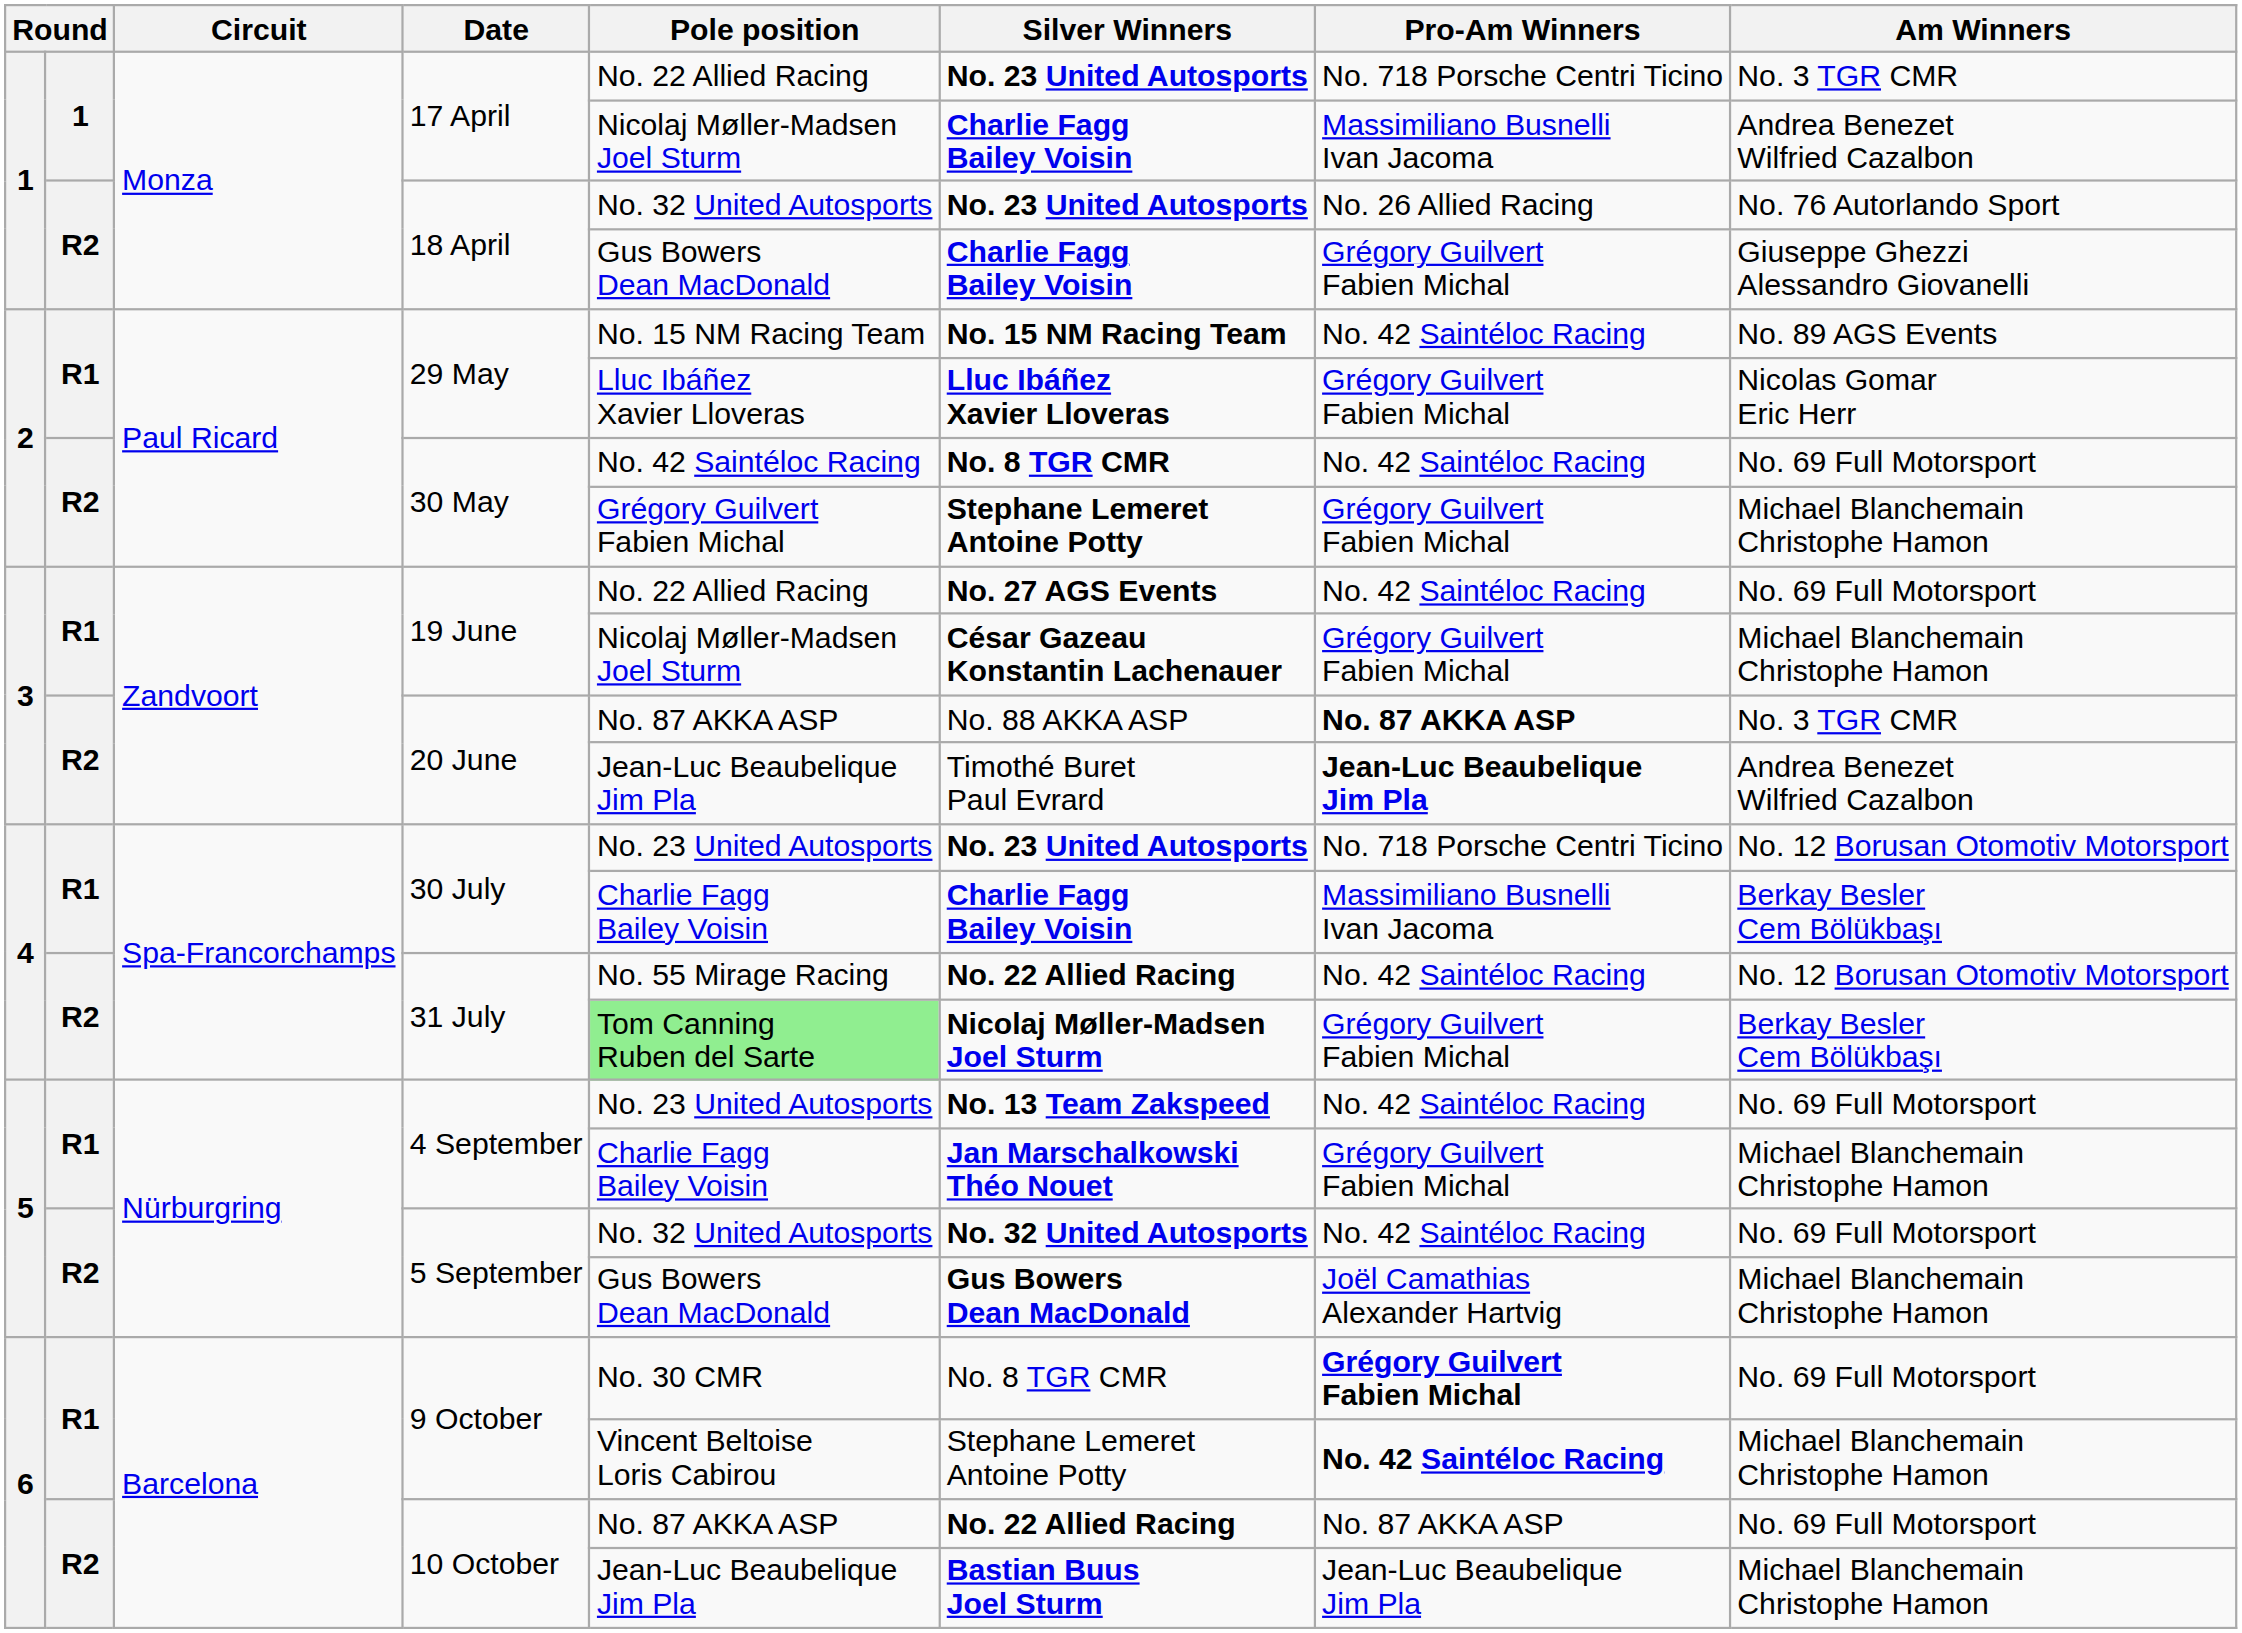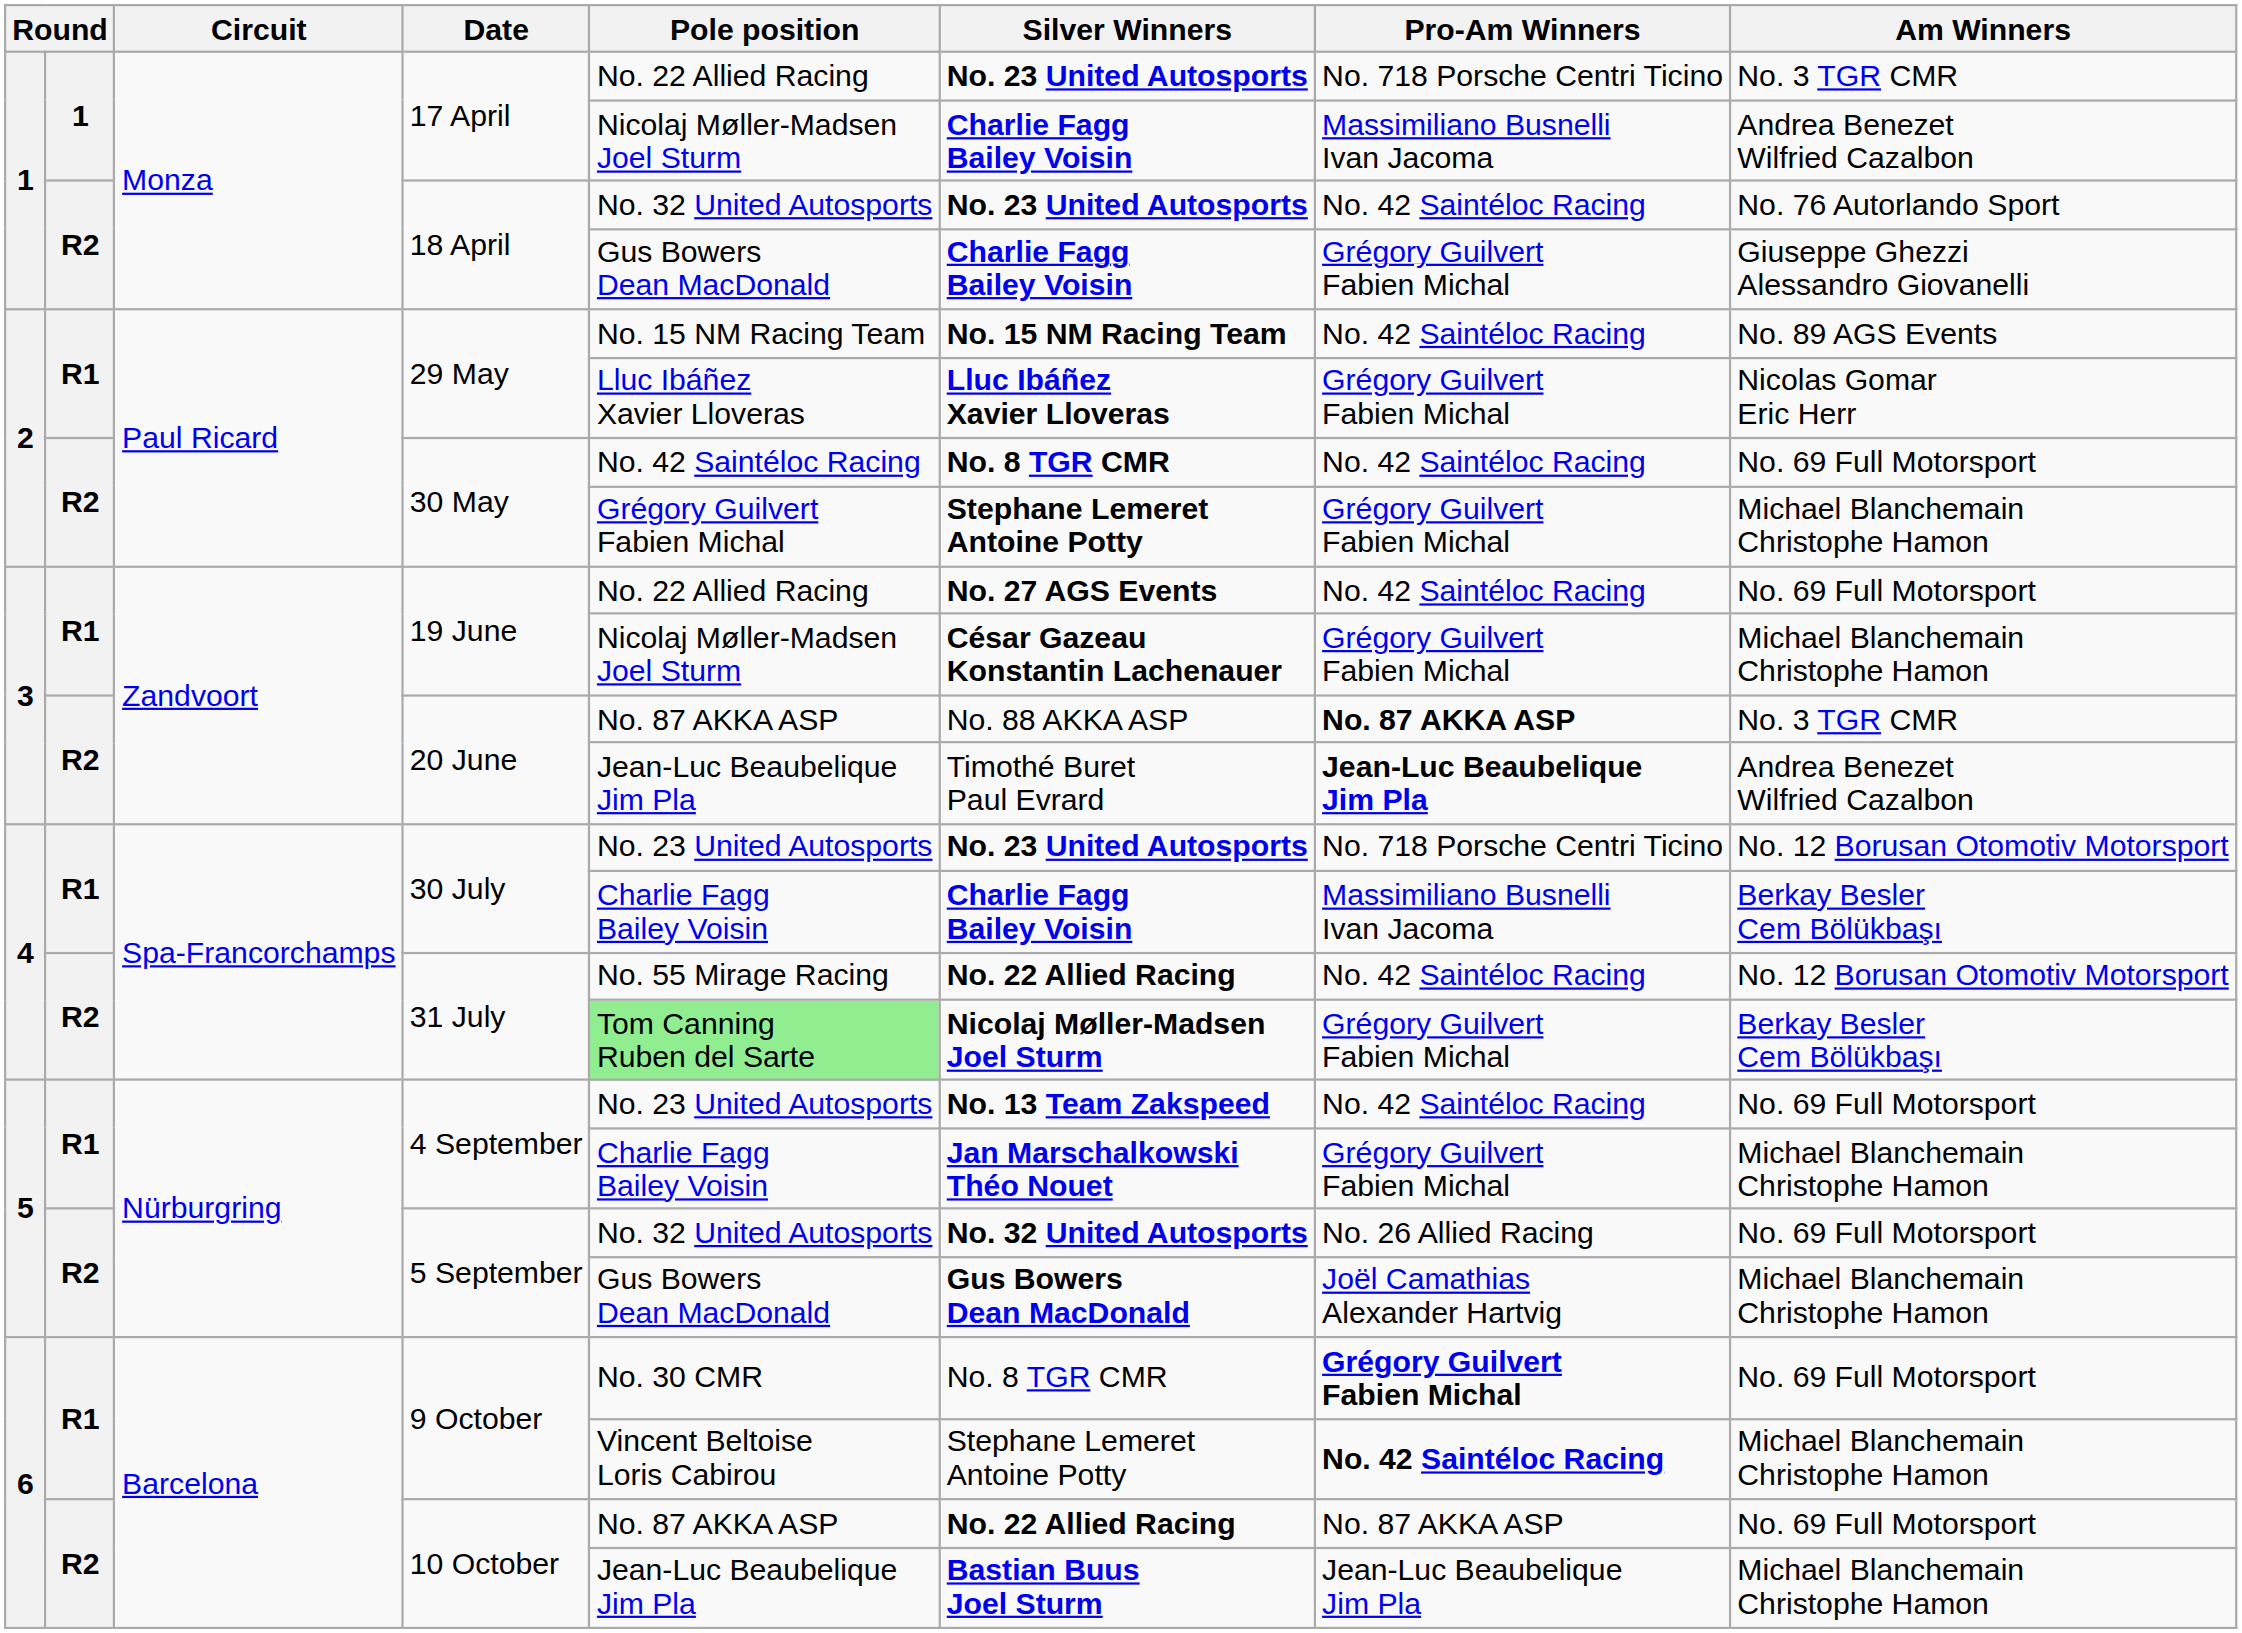 <table class="wikitable" style="font-size:85%;">
 <tr>
 <th colspan=2>Round</th>
 <th>Circuit</th>
 <th>Date</th>
 <th>Pole position</th>
 <th>Silver Winners</th>
 <th>Pro-Am Winners</th>
 <th>Am Winners</th>
 </tr>
 <tr>
 <th rowspan=4>1</th>
 <th rowspan=2>1</th>
 <td rowspan=4> <a href='#'>Monza</a></td>
 <td rowspan=2>17 April</td>
 <td> No. 22 Allied Racing</td>
 <td><strong> No. 23 <a href='#'>United Autosports</a></strong></td>
 <td> No. 718 Porsche Centri Ticino</td>
 <td> No. 3 <a href='#'>TGR</a> CMR</td>
 </tr>
 <tr>
 <td> Nicolaj Møller-Madsen<br> <a href='#'>Joel Sturm</a></td>
 <td><strong> <a href='#'>Charlie Fagg</a><br> <a href='#'>Bailey Voisin</a></strong></td>
 <td> <a href='#'>Massimiliano Busnelli</a><br> Ivan Jacoma</td>
 <td> Andrea Benezet<br> Wilfried Cazalbon</td>
 </tr>
 <tr>
 <th rowspan=2>R2</th>
 <td rowspan=2>18 April</td>
 <td> No. 32 <a href='#'>United Autosports</a></td>
 <td><strong> No. 23 <a href='#'>United Autosports</a></strong></td>
-<td> No. 26 Allied Racing</td>
+<td> No. 42 <a href='#'>Saintéloc Racing</a></td>
 <td> No. 76 Autorlando Sport</td>
 </tr>
 <tr>
 <td> Gus Bowers<br> <a href='#'>Dean MacDonald</a></td>
 <td><strong> <a href='#'>Charlie Fagg</a><br> <a href='#'>Bailey Voisin</a></strong></td>
 <td> <a href='#'>Grégory Guilvert</a><br> Fabien Michal</td>
 <td> Giuseppe Ghezzi<br> Alessandro Giovanelli</td>
 </tr>
 <tr>
 <th rowspan=4>2</th>
 <th rowspan=2>R1</th>
 <td rowspan=4> <a href='#'>Paul Ricard</a></td>
 <td rowspan=2>29 May</td>
 <td> No. 15 NM Racing Team</td>
 <td><strong> No. 15 NM Racing Team</strong></td>
 <td> No. 42 <a href='#'>Saintéloc Racing</a></td>
 <td> No. 89 AGS Events</td>
 </tr>
 <tr>
 <td> <a href='#'>Lluc Ibáñez</a><br> Xavier Lloveras</td>
 <td><strong> <a href='#'>Lluc Ibáñez</a><br> Xavier Lloveras</strong></td>
 <td> <a href='#'>Grégory Guilvert</a><br> Fabien Michal</td>
 <td> Nicolas Gomar<br> Eric Herr</td>
 </tr>
 <tr>
 <th rowspan=2>R2</th>
 <td rowspan=2>30 May</td>
 <td> No. 42 <a href='#'>Saintéloc Racing</a></td>
 <td><strong> No. 8 <a href='#'>TGR</a> CMR</strong></td>
 <td> No. 42 <a href='#'>Saintéloc Racing</a></td>
 <td> No. 69 Full Motorsport</td>
 </tr>
 <tr>
 <td> <a href='#'>Grégory Guilvert</a><br> Fabien Michal</td>
 <td><strong> Stephane Lemeret<br> Antoine Potty</strong></td>
 <td> <a href='#'>Grégory Guilvert</a><br> Fabien Michal</td>
 <td> Michael Blanchemain<br> Christophe Hamon</td>
 </tr>
 <tr>
 <th rowspan=4>3</th>
 <th rowspan=2>R1</th>
 <td rowspan=4> <a href='#'>Zandvoort</a></td>
 <td rowspan=2>19 June</td>
 <td> No. 22 Allied Racing</td>
 <td><strong> No. 27 AGS Events</strong></td>
 <td> No. 42 <a href='#'>Saintéloc Racing</a></td>
 <td> No. 69 Full Motorsport</td>
 </tr>
 <tr>
 <td> Nicolaj Møller-Madsen<br> <a href='#'>Joel Sturm</a></td>
 <td><strong> César Gazeau<br> Konstantin Lachenauer</strong></td>
 <td> <a href='#'>Grégory Guilvert</a><br> Fabien Michal</td>
 <td> Michael Blanchemain<br> Christophe Hamon</td>
 </tr>
 <tr>
 <th rowspan=2>R2</th>
 <td rowspan=2>20 June</td>
 <td> No. 87 AKKA ASP</td>
 <td> No. 88 AKKA ASP</td>
 <td><strong> No. 87 AKKA ASP</strong></td>
 <td> No. 3 <a href='#'>TGR</a> CMR</td>
 </tr>
 <tr>
 <td> Jean-Luc Beaubelique<br> <a href='#'>Jim Pla</a></td>
 <td> Timothé Buret<br> Paul Evrard</td>
 <td><strong> Jean-Luc Beaubelique<br> <a href='#'>Jim Pla</a></strong></td>
 <td> Andrea Benezet<br> Wilfried Cazalbon</td>
 </tr>
 <tr>
 <th rowspan=4>4</th>
 <th rowspan=2>R1</th>
 <td rowspan=4> <a href='#'>Spa-Francorchamps</a></td>
 <td rowspan=2>30 July</td>
 <td><strong></strong> No. 23 <a href='#'>United Autosports</a></td>
 <td><strong> No. 23 <a href='#'>United Autosports</a></strong></td>
 <td> No. 718 Porsche Centri Ticino</td>
 <td> No. 12 <a href='#'>Borusan Otomotiv Motorsport</a></td>
 </tr>
 <tr>
 <td> <a href='#'>Charlie Fagg</a><br> <a href='#'>Bailey Voisin</a></td>
 <td><strong> <a href='#'>Charlie Fagg</a><br> <a href='#'>Bailey Voisin</a></strong></td>
 <td> <a href='#'>Massimiliano Busnelli</a><br> Ivan Jacoma</td>
 <td> <a href='#'>Berkay Besler</a><br> <a href='#'>Cem Bölükbaşı</a></td>
 </tr>
 <tr>
 <th rowspan=2>R2</th>
 <td rowspan=2>31 July</td>
 <td> No. 55 Mirage Racing</td>
 <td> <strong>No. 22 Allied Racing</strong></td>
 <td> No. 42 <a href='#'>Saintéloc Racing</a></td>
 <td> No. 12 <a href='#'>Borusan Otomotiv Motorsport</a></td>
 </tr>
 <tr>
 <td style="background: lightgreen;"> Tom Canning<br> Ruben del Sarte</td>
 <td><strong> Nicolaj Møller-Madsen<br> <a href='#'>Joel Sturm</a></strong></td>
 <td> <a href='#'>Grégory Guilvert</a><br> Fabien Michal</td>
 <td> <a href='#'>Berkay Besler</a><br> <a href='#'>Cem Bölükbaşı</a></td>
 </tr>
 <tr>
 <th rowspan=4>5</th>
 <th rowspan=2>R1</th>
 <td rowspan=4> <a href='#'>Nürburgring</a></td>
 <td rowspan=2>4 September</td>
 <td><strong></strong> No. 23 <a href='#'>United Autosports</a></td>
 <td> <strong>No. 13 <a href='#'>Team Zakspeed</a></strong></td>
 <td> No. 42 <a href='#'>Saintéloc Racing</a></td>
 <td> No. 69 Full Motorsport</td>
 </tr>
 <tr>
 <td> <a href='#'>Charlie Fagg</a><br> <a href='#'>Bailey Voisin</a></td>
 <td><strong> <a href='#'>Jan Marschalkowski</a><br> <a href='#'>Théo Nouet</a></strong></td>
 <td> <a href='#'>Grégory Guilvert</a><br> Fabien Michal</td>
 <td> Michael Blanchemain<br> Christophe Hamon</td>
 </tr>
 <tr>
 <th rowspan=2>R2</th>
 <td rowspan=2>5 September</td>
 <td> No. 32 <a href='#'>United Autosports</a></td>
 <td> <strong>No. 32 <a href='#'>United Autosports</a></strong></td>
-<td> No. 42 <a href='#'>Saintéloc Racing</a></td>
+<td> No. 26 Allied Racing</td>
 <td> No. 69 Full Motorsport</td>
 </tr>
 <tr>
 <td> Gus Bowers<br> <a href='#'>Dean MacDonald</a></td>
 <td><strong> Gus Bowers<br> <a href='#'>Dean MacDonald</a></strong></td>
 <td> <a href='#'>Joël Camathias</a><br> Alexander Hartvig</td>
 <td> Michael Blanchemain<br> Christophe Hamon</td>
 </tr>
 <tr>
 <th rowspan=4>6</th>
 <th rowspan=2>R1</th>
 <td rowspan=4> <a href='#'>Barcelona</a></td>
 <td rowspan=2>9 October</td>
 <td> No. 30 CMR</td>
 <td><strong></strong> No. 8 <a href='#'>TGR</a> CMR</td>
 <td><strong> <a href='#'>Grégory Guilvert</a><br> Fabien Michal</strong></td>
 <td> No. 69 Full Motorsport</td>
 </tr>
 <tr>
 <td> Vincent Beltoise<br> Loris Cabirou</td>
 <td> Stephane Lemeret<br> Antoine Potty</td>
 <td> <strong>No. 42 <a href='#'>Saintéloc Racing</a></strong></td>
 <td> Michael Blanchemain<br> Christophe Hamon</td>
 </tr>
 <tr>
 <th rowspan=2>R2</th>
 <td rowspan=2>10 October</td>
 <td> No. 87 AKKA ASP</td>
 <td> <strong>No. 22 Allied Racing</strong></td>
 <td> No. 87 AKKA ASP</td>
 <td> No. 69 Full Motorsport</td>
 </tr>
 <tr>
 <td> Jean-Luc Beaubelique<br> <a href='#'>Jim Pla</a></td>
 <td><strong> <a href='#'>Bastian Buus</a><br> <a href='#'>Joel Sturm</a></strong></td>
 <td> Jean-Luc Beaubelique<br> <a href='#'>Jim Pla</a></td>
 <td> Michael Blanchemain<br> Christophe Hamon</td>
 </tr>
 </table>
